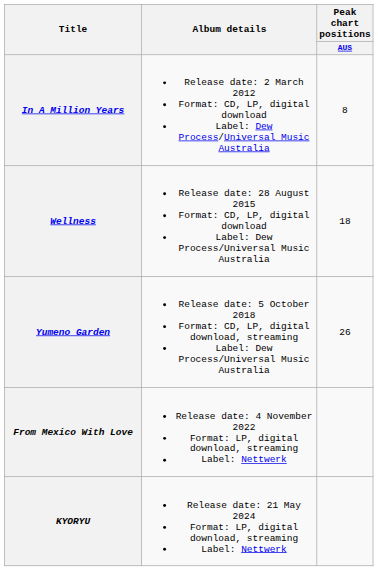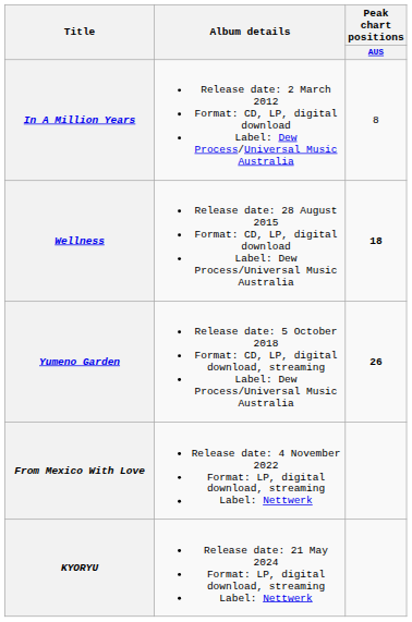 <table class="wikitable plainrowheaders" style="text-align:center;">
 <tr>
 <th rowspan="2" style="width:14em;">Title</th>
 <th rowspan="2" style="width:18em;">Album details</th>
 <th colspan="1">Peak chart positions</th>
 </tr>
 <tr style="font-size:smaller;">
 <th style="width:40px;"><a href='#'>AUS</a><br></th>
 </tr>
 <tr>
 <th scope="row"><em><a href='#'>In A Million Years</a></em></th>
 <td><br><ul><li>Release date: 2 March 2012</li><li>Format: CD, LP, digital download</li><li>Label: <a href='#'>Dew Process</a>/<a href='#'>Universal Music Australia</a></li></ul></td>
 <td>8</td>
 </tr>
 <tr>
 <th scope="row"><em><a href='#'>Wellness</a></em></th>
 <td><br><ul><li>Release date: 28 August 2015</li><li>Format: CD, LP, digital download</li><li>Label: Dew Process/Universal Music Australia</li></ul></td>
-<td>18</td>
+<td><strong>18</strong></td>
 </tr>
 <tr>
 <th scope="row"><em><a href='#'>Yumeno Garden</a></em></th>
 <td><br><ul><li>Release date: 5 October 2018</li><li>Format: CD, LP, digital download, streaming</li><li>Label: Dew Process/Universal Music Australia</li></ul></td>
-<td>26</td>
+<td><strong>26</strong></td>
 </tr>
 <tr>
 <th scope="row"><em>From Mexico With Love</em></th>
 <td><br><ul><li>Release date: 4 November 2022</li><li>Format: LP, digital download, streaming</li><li>Label: <a href='#'>Nettwerk</a></li></ul></td>
 <td></td>
 </tr>
 <tr>
 <th scope="row"><em>KYORYU</em></th>
 <td><br><ul><li>Release date: 21 May 2024</li><li>Format: LP, digital download, streaming</li><li>Label: <a href='#'>Nettwerk</a></li></ul></td>
 <td></td>
 </tr>
 </table>
